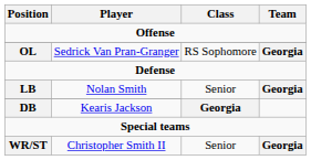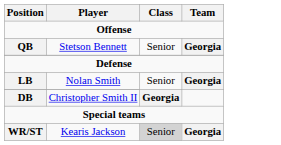 <table class="wikitable">
 <tr>
 <th>Position</th>
 <th>Player</th>
 <th>Class</th>
 <th>Team</th>
 </tr>
 <tr>
 <td colspan="4" style="text-align:center; "><strong>Offense</strong></td>
 </tr>
+<tr style="text-align:center;">
+<th rowspan="1">QB</th>
+<td><a href='#'>Stetson Bennett</a></td>
+<td>Senior</td>
+<th style=>Georgia</th>
+</tr>
 <tr>
-</tr>
-<tr style="text-align:center;">
-<th rowspan="1">OL</th>
-<td><a href='#'>Sedrick Van Pran-Granger</a></td>
-<td>RS Sophomore</td>
-<th style=>Georgia</th>
 </tr>
 <tr>
 <td colspan="4" style="text-align:center; "><strong>Defense</strong></td>
 </tr>
 <tr style="text-align:center;">
 <th rowspan="1">LB</th>
 <td><a href='#'>Nolan Smith</a></td>
 <td rowspan=2>Senior</td>
 <th style=>Georgia</th>
 </tr>
 <tr>
 </tr>
 <tr style="text-align:center;">
 <th rowspan="1">DB</th>
-<td><a href='#'>Kearis Jackson</a></td>
+<td><a href='#'>Christopher Smith II</a></td>
 <th style=>Georgia</th>
 </tr>
 <tr>
 <td colspan="4" style="text-align:center; "><strong>Special teams</strong></td>
 </tr>
 <tr style="text-align:center;">
 <th rowspan="1">WR/ST</th>
-<td><a href='#'>Christopher Smith II</a></td>
-<td>Senior</td>
+<td><a href='#'>Kearis Jackson</a></td>
+<td style="background: lightgrey;">Senior</td>
 <th style=>Georgia</th>
 </tr>
 </table>
